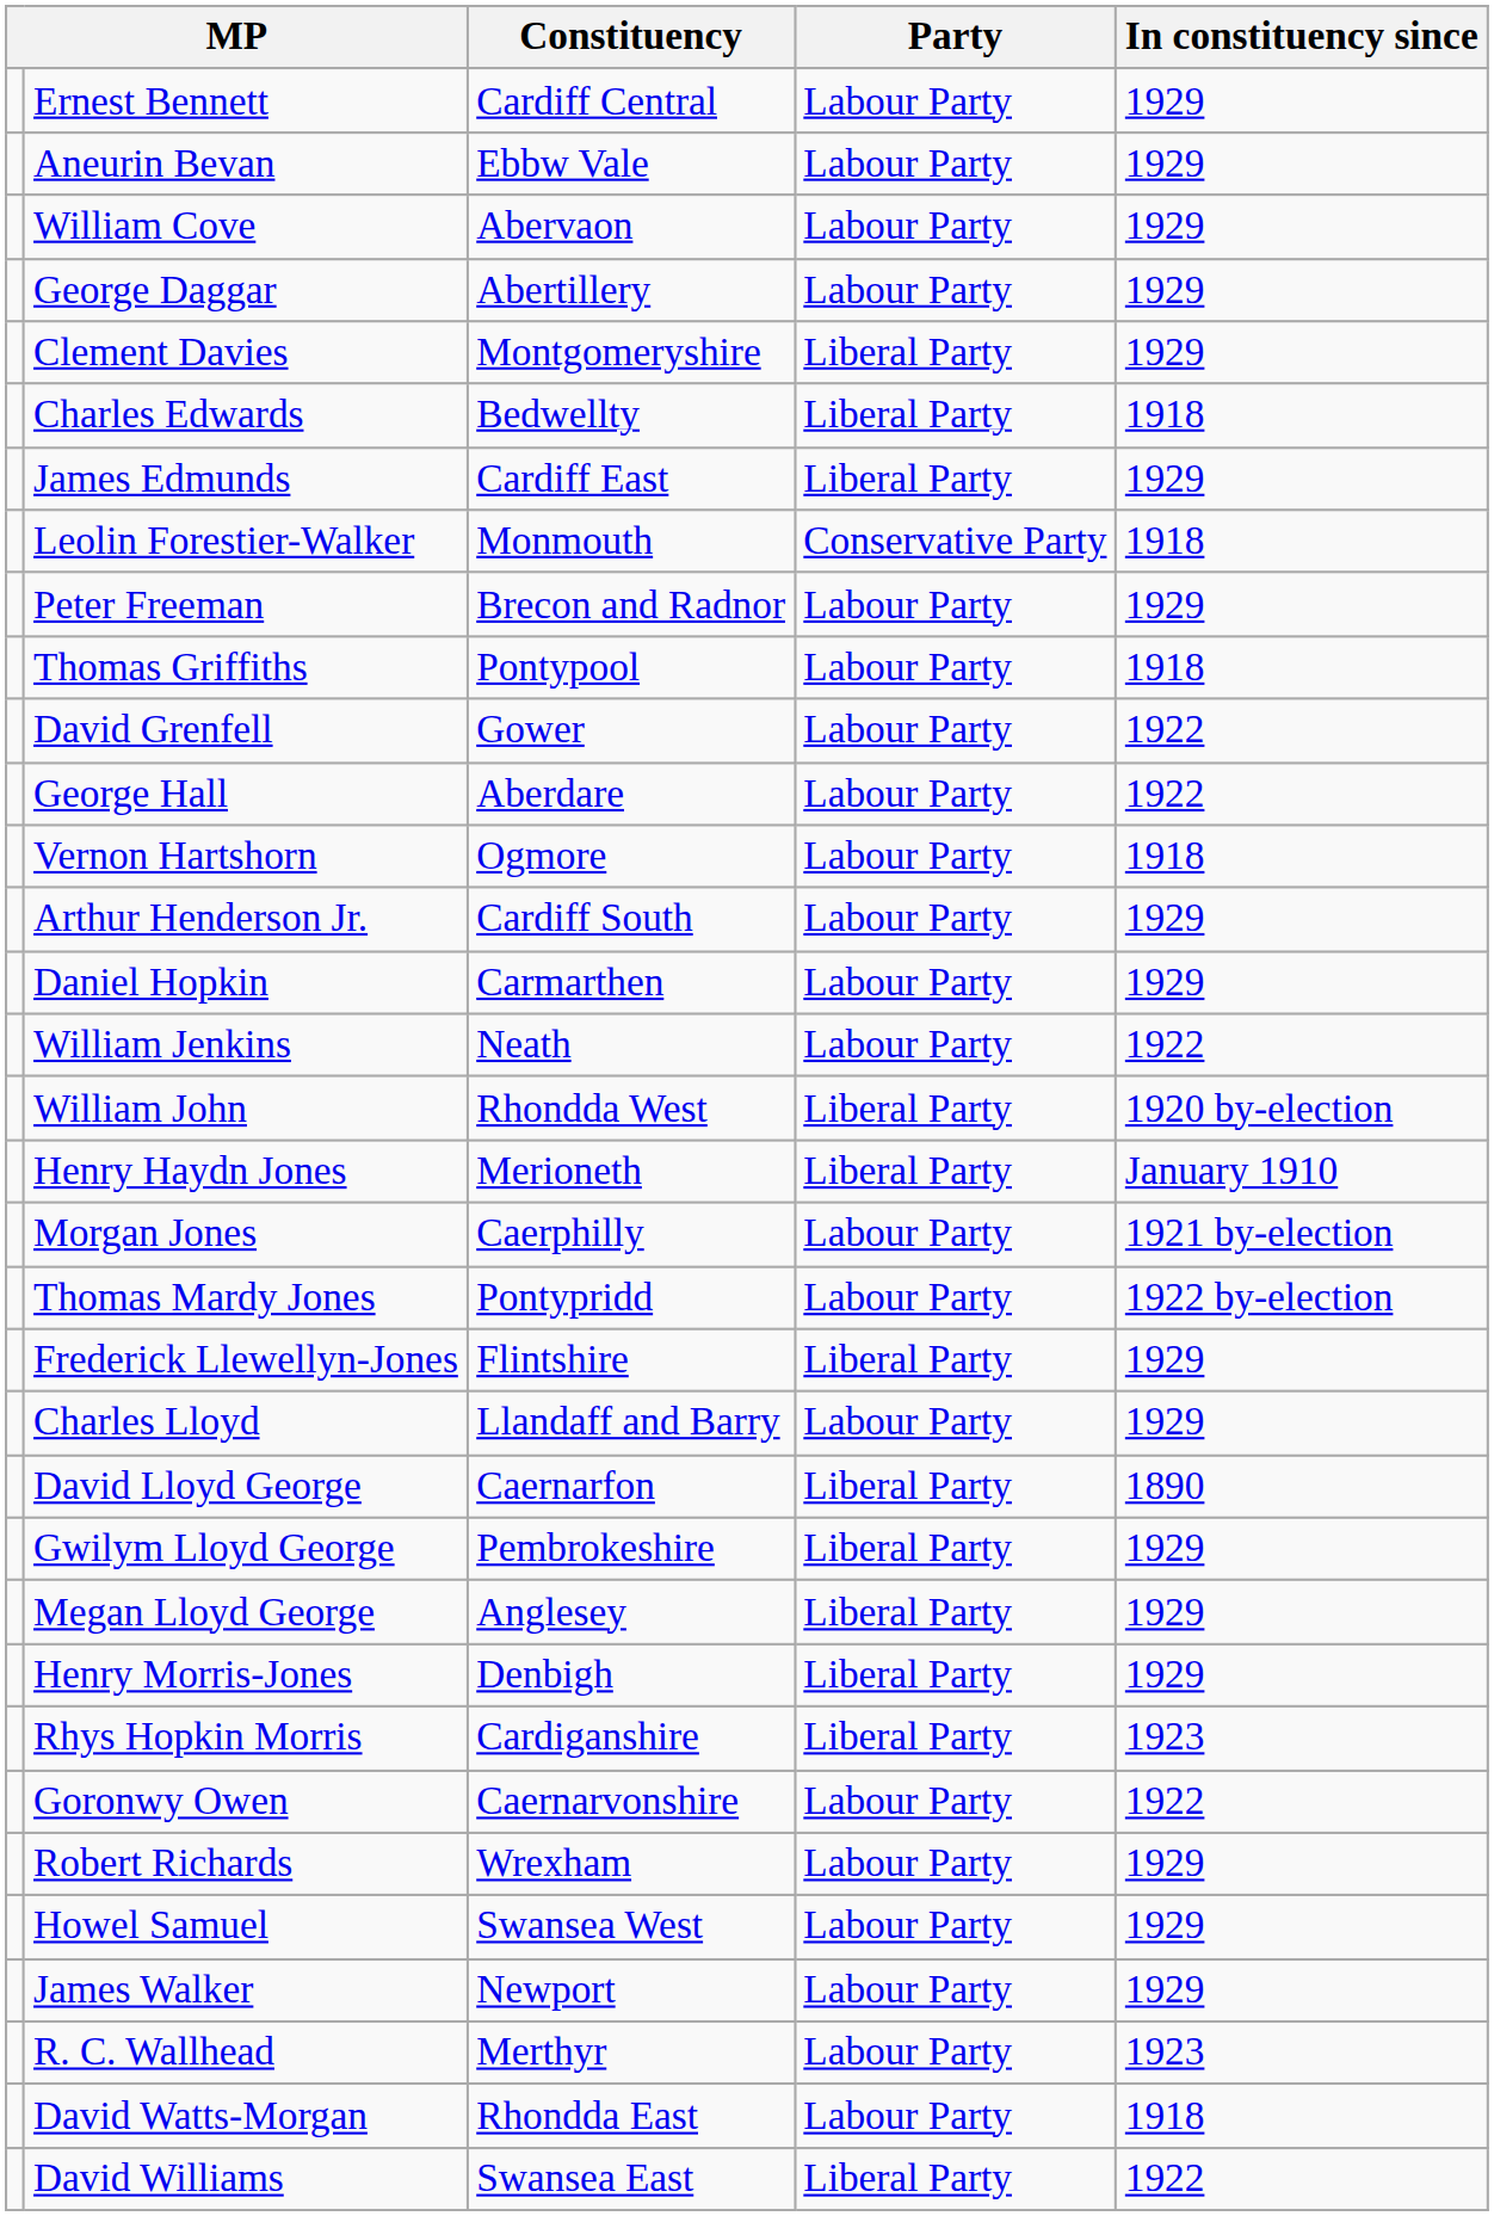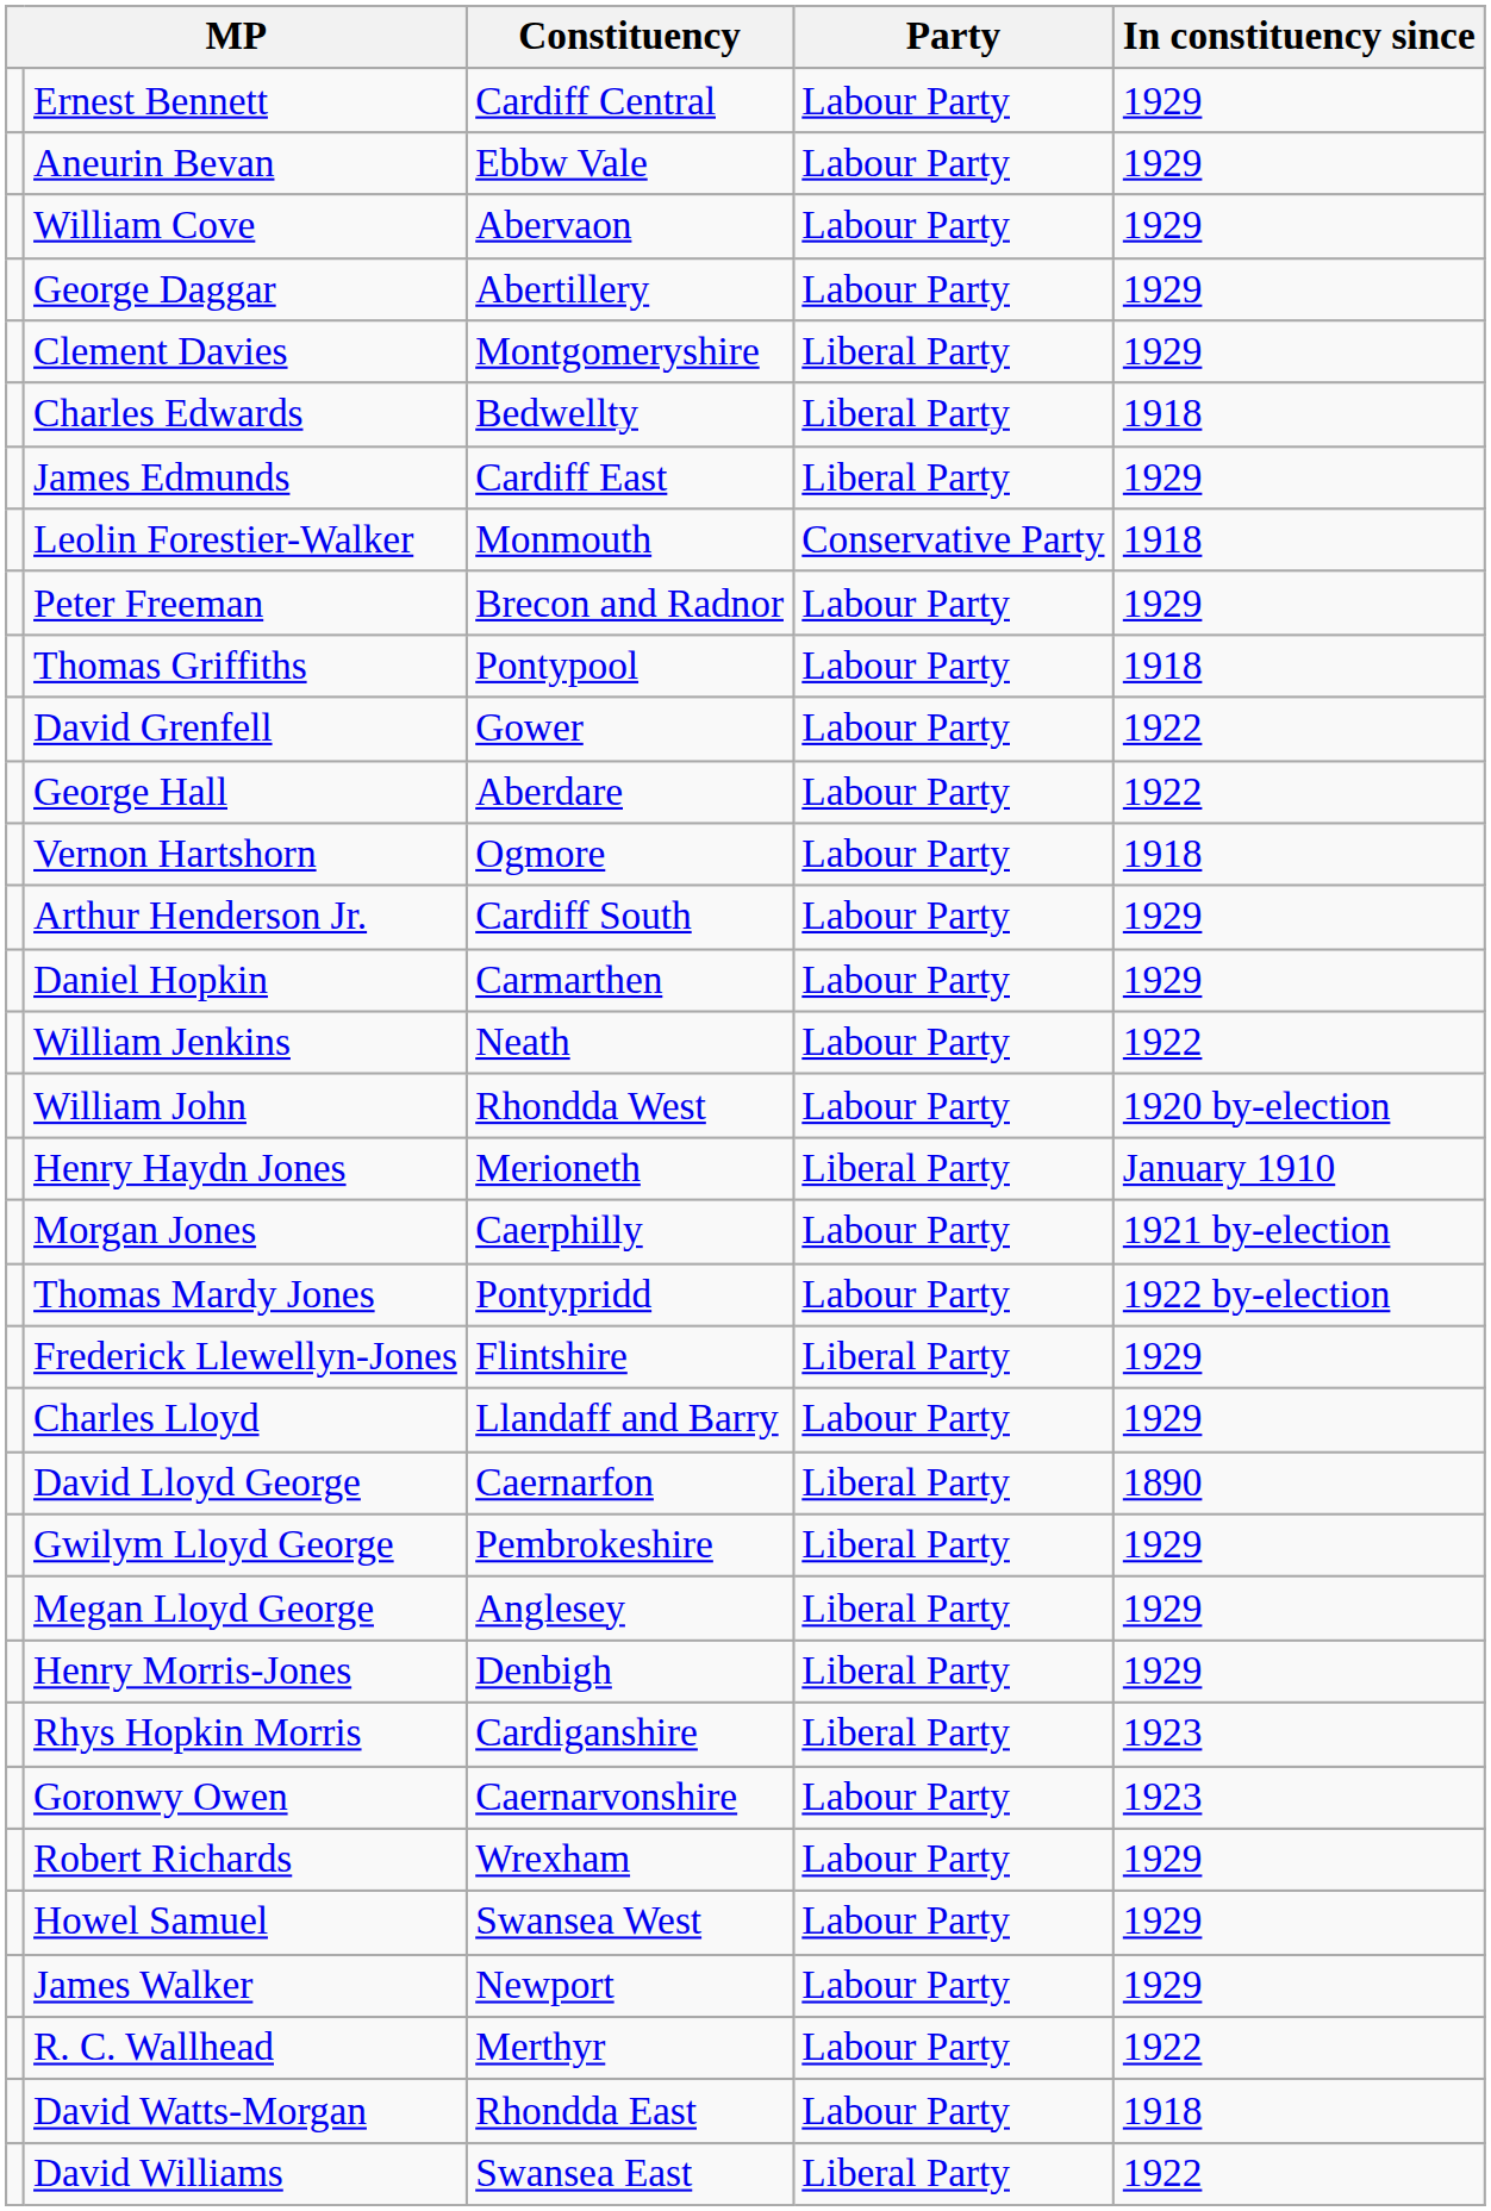 <table class="wikitable sortable">
 <tr>
 <th colspan="2">MP</th>
 <th>Constituency</th>
 <th>Party</th>
 <th>In constituency since</th>
 </tr>
 <tr>
 <td style="color:inherit;background-color: "></td>
 <td><a href='#'>Ernest Bennett</a></td>
 <td><a href='#'>Cardiff Central</a></td>
 <td><a href='#'>Labour Party</a></td>
 <td><a href='#'>1929</a></td>
 </tr>
 <tr>
 <td style="color:inherit;background-color: "></td>
 <td><a href='#'>Aneurin Bevan</a></td>
 <td><a href='#'>Ebbw Vale</a></td>
 <td><a href='#'>Labour Party</a></td>
 <td><a href='#'>1929</a></td>
 </tr>
 <tr>
 <td style="color:inherit;background-color: "></td>
 <td><a href='#'>William Cove</a></td>
 <td><a href='#'>Abervaon</a></td>
 <td><a href='#'>Labour Party</a></td>
 <td><a href='#'>1929</a></td>
 </tr>
 <tr>
 <td style="color:inherit;background-color: "></td>
 <td><a href='#'>George Daggar</a></td>
 <td><a href='#'>Abertillery</a></td>
 <td><a href='#'>Labour Party</a></td>
 <td><a href='#'>1929</a></td>
 </tr>
 <tr>
 <td style="color:inherit;background-color: "></td>
 <td><a href='#'>Clement Davies</a></td>
 <td><a href='#'>Montgomeryshire</a></td>
 <td><a href='#'>Liberal Party</a></td>
 <td><a href='#'>1929</a></td>
 </tr>
 <tr>
 <td style="color:inherit;background-color: "></td>
 <td><a href='#'>Charles Edwards</a></td>
 <td><a href='#'>Bedwellty</a></td>
 <td><a href='#'>Liberal Party</a></td>
 <td><a href='#'>1918</a></td>
 </tr>
 <tr>
 <td style="color:inherit;background-color: "></td>
 <td><a href='#'>James Edmunds</a></td>
 <td><a href='#'>Cardiff East</a></td>
 <td><a href='#'>Liberal Party</a></td>
 <td><a href='#'>1929</a></td>
 </tr>
 <tr>
 <td style="color:inherit;background-color: "></td>
 <td><a href='#'>Leolin Forestier-Walker</a></td>
 <td><a href='#'>Monmouth</a></td>
 <td><a href='#'>Conservative Party</a></td>
 <td><a href='#'>1918</a></td>
 </tr>
 <tr>
 <td style="color:inherit;background-color: "></td>
 <td><a href='#'>Peter Freeman</a></td>
 <td><a href='#'>Brecon and Radnor</a></td>
 <td><a href='#'>Labour Party</a></td>
 <td><a href='#'>1929</a></td>
 </tr>
 <tr>
 <td style="color:inherit;background-color: "></td>
 <td><a href='#'>Thomas Griffiths</a></td>
 <td><a href='#'>Pontypool</a></td>
 <td><a href='#'>Labour Party</a></td>
 <td><a href='#'>1918</a></td>
 </tr>
 <tr>
 <td style="color:inherit;background-color: "></td>
 <td><a href='#'>David Grenfell</a></td>
 <td><a href='#'>Gower</a></td>
 <td><a href='#'>Labour Party</a></td>
 <td><a href='#'>1922</a></td>
 </tr>
 <tr>
 <td style="color:inherit;background-color: "></td>
 <td><a href='#'>George Hall</a></td>
 <td><a href='#'>Aberdare</a></td>
 <td><a href='#'>Labour Party</a></td>
 <td><a href='#'>1922</a></td>
 </tr>
 <tr>
 <td style="color:inherit;background-color: "></td>
 <td><a href='#'>Vernon Hartshorn</a></td>
 <td><a href='#'>Ogmore</a></td>
 <td><a href='#'>Labour Party</a></td>
 <td><a href='#'>1918</a></td>
 </tr>
 <tr>
 <td style="color:inherit;background-color: "></td>
 <td><a href='#'>Arthur Henderson Jr.</a></td>
 <td><a href='#'>Cardiff South</a></td>
 <td><a href='#'>Labour Party</a></td>
 <td><a href='#'>1929</a></td>
 </tr>
 <tr>
 <td style="color:inherit;background-color: "></td>
 <td><a href='#'>Daniel Hopkin</a></td>
 <td><a href='#'>Carmarthen</a></td>
 <td><a href='#'>Labour Party</a></td>
 <td><a href='#'>1929</a></td>
 </tr>
 <tr>
 <td style="color:inherit;background-color: "></td>
 <td><a href='#'>William Jenkins</a></td>
 <td><a href='#'>Neath</a></td>
 <td><a href='#'>Labour Party</a></td>
 <td><a href='#'>1922</a></td>
 </tr>
 <tr>
 <td style="color:inherit;background-color: "></td>
 <td><a href='#'>William John</a></td>
 <td><a href='#'>Rhondda West</a></td>
-<td><a href='#'>Liberal Party</a></td>
+<td><a href='#'>Labour Party</a></td>
 <td><a href='#'>1920 by-election</a></td>
 </tr>
 <tr>
 <td style="color:inherit;background-color: "></td>
 <td><a href='#'>Henry Haydn Jones</a></td>
 <td><a href='#'>Merioneth</a></td>
 <td><a href='#'>Liberal Party</a></td>
 <td><a href='#'>January 1910</a></td>
 </tr>
 <tr>
 <td style="color:inherit;background-color: "></td>
 <td><a href='#'>Morgan Jones</a></td>
 <td><a href='#'>Caerphilly</a></td>
 <td><a href='#'>Labour Party</a></td>
 <td><a href='#'>1921 by-election</a></td>
 </tr>
 <tr>
 <td style="color:inherit;background-color: "></td>
 <td><a href='#'>Thomas Mardy Jones</a></td>
 <td><a href='#'>Pontypridd</a></td>
 <td><a href='#'>Labour Party</a></td>
 <td><a href='#'>1922 by-election</a></td>
 </tr>
 <tr>
 <td style="color:inherit;background-color: "></td>
 <td><a href='#'>Frederick Llewellyn-Jones</a></td>
 <td><a href='#'>Flintshire</a></td>
 <td><a href='#'>Liberal Party</a></td>
 <td><a href='#'>1929</a></td>
 </tr>
 <tr>
 <td style="color:inherit;background-color: "></td>
 <td><a href='#'>Charles Lloyd</a></td>
 <td><a href='#'>Llandaff and Barry</a></td>
 <td><a href='#'>Labour Party</a></td>
 <td><a href='#'>1929</a></td>
 </tr>
 <tr>
 <td style="color:inherit;background-color: "></td>
 <td><a href='#'>David Lloyd George</a></td>
 <td><a href='#'>Caernarfon</a></td>
 <td><a href='#'>Liberal Party</a></td>
 <td><a href='#'>1890</a></td>
 </tr>
 <tr>
 <td style="color:inherit;background-color: "></td>
 <td><a href='#'>Gwilym Lloyd George</a></td>
 <td><a href='#'>Pembrokeshire</a></td>
 <td><a href='#'>Liberal Party</a></td>
 <td><a href='#'>1929</a></td>
 </tr>
 <tr>
 <td style="color:inherit;background-color: "></td>
 <td><a href='#'>Megan Lloyd George</a></td>
 <td><a href='#'>Anglesey</a></td>
 <td><a href='#'>Liberal Party</a></td>
 <td><a href='#'>1929</a></td>
 </tr>
 <tr>
 <td style="color:inherit;background-color: "></td>
 <td><a href='#'>Henry Morris-Jones</a></td>
 <td><a href='#'>Denbigh</a></td>
 <td><a href='#'>Liberal Party</a></td>
 <td><a href='#'>1929</a></td>
 </tr>
 <tr>
 <td style="color:inherit;background-color: "></td>
 <td><a href='#'>Rhys Hopkin Morris</a></td>
 <td><a href='#'>Cardiganshire</a></td>
 <td><a href='#'>Liberal Party</a></td>
 <td><a href='#'>1923</a></td>
 </tr>
 <tr>
 <td style="color:inherit;background-color: "></td>
 <td><a href='#'>Goronwy Owen</a></td>
 <td><a href='#'>Caernarvonshire</a></td>
 <td><a href='#'>Labour Party</a></td>
-<td><a href='#'>1922</a></td>
+<td><a href='#'>1923</a></td>
 </tr>
 <tr>
 <td style="color:inherit;background-color: "></td>
 <td><a href='#'>Robert Richards</a></td>
 <td><a href='#'>Wrexham</a></td>
 <td><a href='#'>Labour Party</a></td>
 <td><a href='#'>1929</a></td>
 </tr>
 <tr>
 <td style="color:inherit;background-color: "></td>
 <td><a href='#'>Howel Samuel</a></td>
 <td><a href='#'>Swansea West</a></td>
 <td><a href='#'>Labour Party</a></td>
 <td><a href='#'>1929</a></td>
 </tr>
 <tr>
 <td style="color:inherit;background-color: "></td>
 <td><a href='#'>James Walker</a></td>
 <td><a href='#'>Newport</a></td>
 <td><a href='#'>Labour Party</a></td>
 <td><a href='#'>1929</a></td>
 </tr>
 <tr>
 <td style="color:inherit;background-color: "></td>
 <td><a href='#'>R. C. Wallhead</a></td>
 <td><a href='#'>Merthyr</a></td>
 <td><a href='#'>Labour Party</a></td>
-<td><a href='#'>1923</a></td>
+<td><a href='#'>1922</a></td>
 </tr>
 <tr>
 <td style="color:inherit;background-color: "></td>
 <td><a href='#'>David Watts-Morgan</a></td>
 <td><a href='#'>Rhondda East</a></td>
 <td><a href='#'>Labour Party</a></td>
 <td><a href='#'>1918</a></td>
 </tr>
 <tr>
 <td style="color:inherit;background-color: "></td>
 <td><a href='#'>David Williams</a></td>
 <td><a href='#'>Swansea East</a></td>
 <td><a href='#'>Liberal Party</a></td>
 <td><a href='#'>1922</a></td>
 </tr>
 </table>
